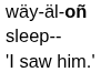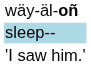 <table>
 <tr>
 <td>wäy-äl-<strong>oñ</strong></td>
 </tr>
 <tr>
-<td>sleep--</td>
+<td style="background: lightblue;">sleep--</td>
 </tr>
 <tr>
 <td>'I saw him.'</td>
 </tr>
 </table>
